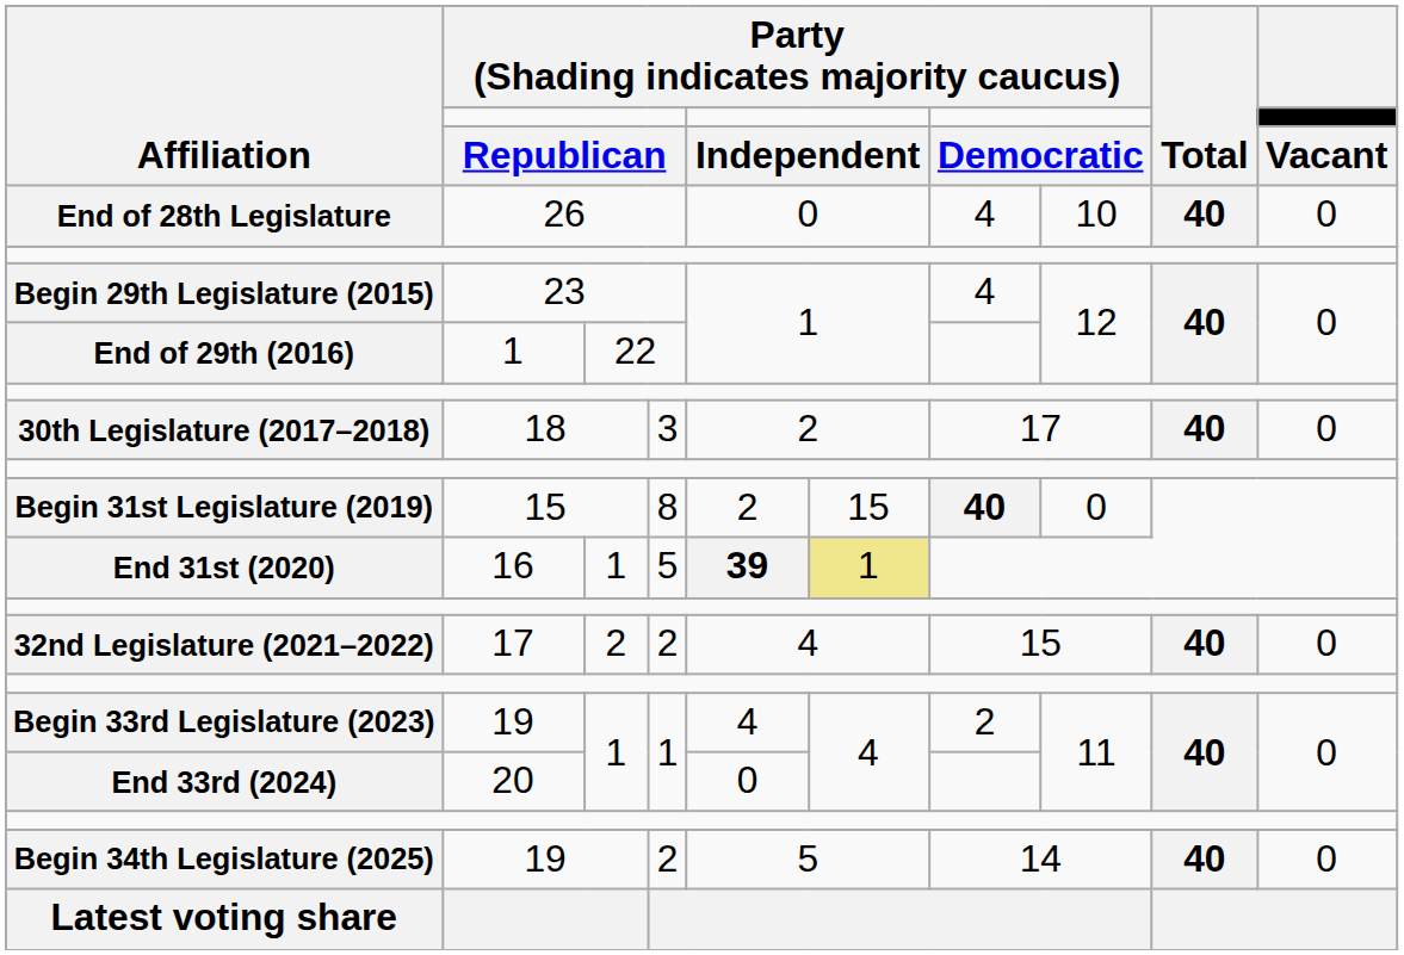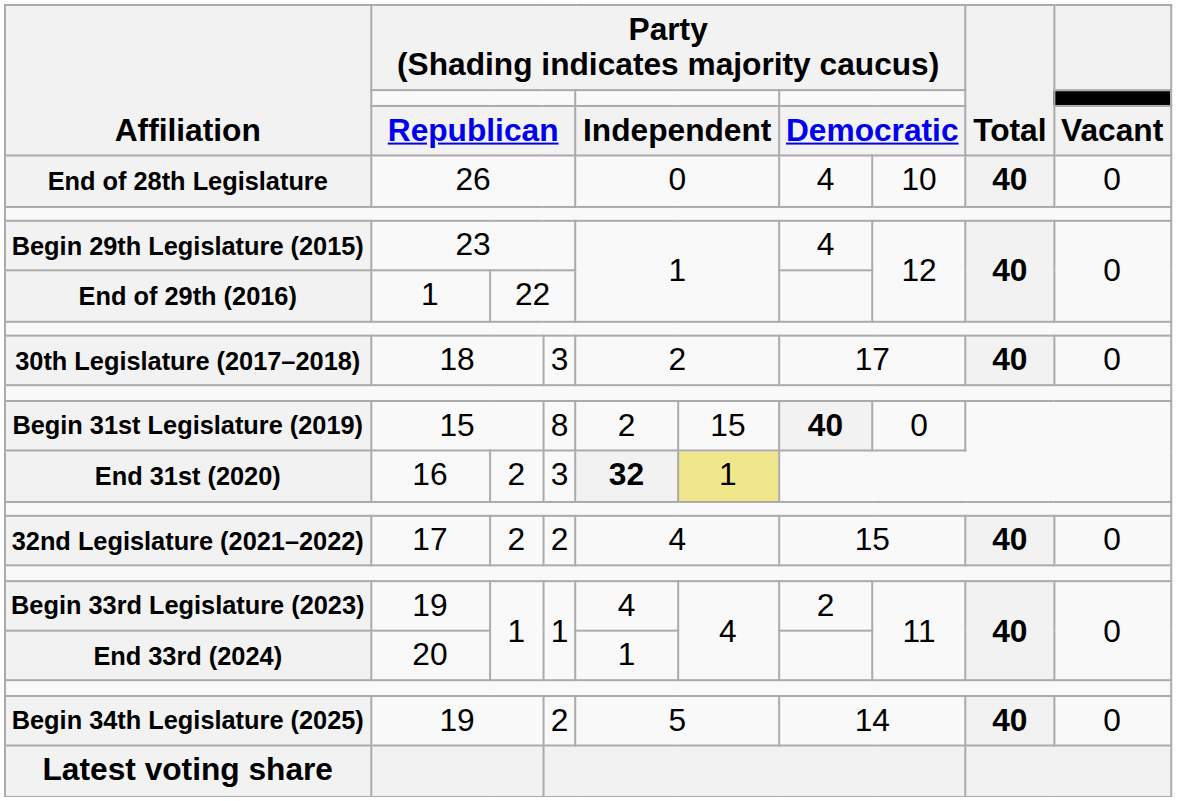 <table class=wikitable style="text-align:center;">
 <tr style="vertical-align:bottom;">
 <th rowspan=3>Affiliation</th>
 <th colspan=7>Party <div>(Shading indicates majority caucus)</div></th>
 <th rowspan=3>Total</th>
 <th></th>
 </tr>
 <tr style="height:5px">
 <td colspan=3 style="background-color:"></td>
 <td colspan=2 style="background-color:"></td>
 <td colspan=2 style="background-color:"></td>
 <td style="background-color:black"></td>
 </tr>
 <tr>
 <th colspan=3><a href='#'>Republican</a></th>
 <th colspan=2>Independent</th>
 <th colspan=2><a href='#'>Democratic</a></th>
 <th>Vacant</th>
 </tr>
 <tr>
 <th nowrap style="font-size:80%">End of 28th Legislature</th>
 <td colspan=3 >26</td>
 <td colspan=2>0</td>
 <td>4</td>
 <td>10</td>
 <th>40</th>
 <td>0</td>
 </tr>
 <tr>
 <td colspan=10></td>
 </tr>
 <tr>
 <th nowrap style="font-size:80%">Begin 29th Legislature (2015)</th>
 <td colspan=3 >23</td>
 <td rowspan=2 colspan=2>1</td>
 <td>4</td>
 <td rowspan=2>12</td>
 <th rowspan=2>40</th>
 <td rowspan=2>0</td>
 </tr>
 <tr>
 <th nowrap style="font-size:80%">End of 29th (2016)</th>
 <td>1</td>
 <td colspan=2 >22</td>
 </tr>
 <tr>
 <td colspan=10></td>
 </tr>
 <tr>
 <th nowrap style="font-size:80%">30th Legislature (2017–2018)</th>
 <td colspan=2>18</td>
 <td>3</td>
 <td colspan=2 >2</td>
 <td colspan=2 >17</td>
 <th>40</th>
 <td>0</td>
 </tr>
 <tr>
 <td colspan=10></td>
 </tr>
 <tr>
 <th nowrap style="font-size:80%">Begin 31st Legislature (2019)</th>
 <td colspan=2>15</td>
 <td>8</td>
 <td>2</td>
 <td>15</td>
 <th>40</th>
 <td>0</td>
 </tr>
 <tr>
 <th nowrap style="font-size:80%">End 31st (2020)</th>
 <td>16</td>
-<td width=20>1</td>
-<td>5</td>
-<th>39</th>
+<td width=20>2</td>
+<td>3</td>
+<th>32</th>
 <td style="background: khaki;">1</td>
 </tr>
 <tr>
 <td colspan=10></td>
 </tr>
 <tr>
 <th nowrap style="font-size:80%">32nd Legislature (2021–2022)</th>
 <td>17</td>
 <td>2</td>
 <td>2</td>
 <td colspan=2 >4</td>
 <td colspan=2 >15</td>
 <th>40</th>
 <td>0</td>
 </tr>
 <tr>
 <td colspan=10></td>
 </tr>
 <tr>
 <th nowrap style="font-size:80%">Begin 33rd Legislature (2023)</th>
 <td>19</td>
 <td rowspan=2>1</td>
 <td rowspan=2>1</td>
 <td>4</td>
 <td rowspan=2>4</td>
 <td>2</td>
 <td rowspan=2>11</td>
 <th rowspan=2>40</th>
 <td rowspan=2>0</td>
 </tr>
 <tr>
 <th nowrap style="font-size:80%">End 33rd (2024)</th>
 <td>20</td>
-<td>0</td>
+<td>1</td>
 </tr>
 <tr>
 <td colspan=10></td>
 </tr>
 <tr>
 <th nowrap style="font-size:80%">Begin 34th Legislature (2025)</th>
 <td colspan=2 width=80>19</td>
 <td>2</td>
 <td colspan=2 >5</td>
 <td colspan=2 >14</td>
 <th>40</th>
 <td>0</td>
 </tr>
 <tr>
 <th>Latest voting share</th>
 <th colspan=2></th>
 <th colspan=5 ></th>
 <th colspan=2></th>
 </tr>
 </table>
